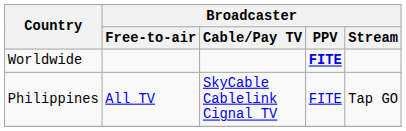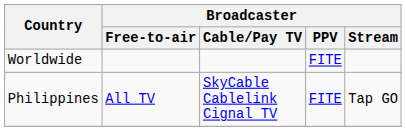 <table class="wikitable">
 <tr>
 <th rowspan="2">Country</th>
 <th colspan="4">Broadcaster</th>
 </tr>
 <tr>
 <th>Free-to-air</th>
 <th>Cable/Pay TV</th>
 <th>PPV</th>
 <th>Stream</th>
 </tr>
 <tr>
 <td>Worldwide</td>
 <td></td>
 <td></td>
-<td><strong><a href='#'>FITE</a></strong></td>
+<td><a href='#'>FITE</a></td>
 <td></td>
 </tr>
 <tr>
 <td>Philippines</td>
 <td><a href='#'>All TV</a></td>
 <td><a href='#'>SkyCable</a><br><a href='#'>Cablelink</a><br><a href='#'>Cignal TV</a></td>
 <td><a href='#'>FITE</a></td>
 <td>Tap GO</td>
 </tr>
 <tr>
 </tr>
 </table>
